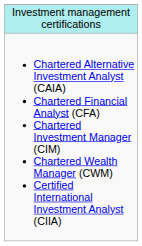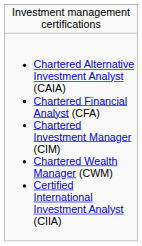 <table class="wikitable floatright" | width="200">
 <tr style="font-size:75%">
 </tr>
 <tr align="center">
-<td colspan="1" style="background: paleturquoise;">Investment management certifications</td>
+<td colspan="1">Investment management certifications</td>
 </tr>
 <tr>
 <td rowspan="2"><br><ul><li><a href='#'>Chartered Alternative Investment Analyst</a> (CAIA)</li><li><a href='#'>Chartered Financial Analyst</a> (CFA)</li><li><a href='#'>Chartered Investment Manager</a> (CIM)</li><li><a href='#'>Chartered Wealth Manager</a> (CWM)</li><li><a href='#'>Certified International Investment Analyst</a> (CIIA)</li></ul></td>
 </tr>
 </table>
